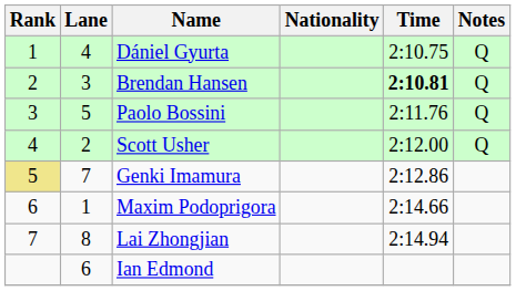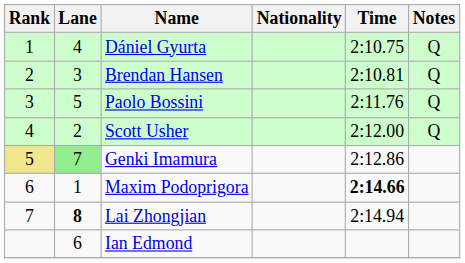 <table class="wikitable sortable" style="text-align:center">
 <tr>
 <th>Rank</th>
 <th>Lane</th>
 <th>Name</th>
 <th>Nationality</th>
 <th>Time</th>
 <th>Notes</th>
 </tr>
 <tr bgcolor=#ccffcc>
 <td>1</td>
 <td>4</td>
 <td align=left><a href='#'>Dániel Gyurta</a></td>
 <td align=left></td>
 <td>2:10.75</td>
 <td>Q</td>
 </tr>
 <tr bgcolor=#ccffcc>
 <td>2</td>
 <td>3</td>
 <td align=left><a href='#'>Brendan Hansen</a></td>
 <td align=left></td>
-<td><strong>2:10.81</strong></td>
+<td>2:10.81</td>
 <td>Q</td>
 </tr>
 <tr bgcolor=#ccffcc>
 <td>3</td>
 <td>5</td>
 <td align=left><a href='#'>Paolo Bossini</a></td>
 <td align=left></td>
 <td>2:11.76</td>
 <td>Q</td>
 </tr>
 <tr bgcolor=#ccffcc>
 <td>4</td>
 <td>2</td>
 <td align=left><a href='#'>Scott Usher</a></td>
 <td align=left></td>
 <td>2:12.00</td>
 <td>Q</td>
 </tr>
 <tr>
 <td style="background: khaki;">5</td>
-<td>7</td>
+<td style="background: lightgreen;">7</td>
 <td align=left><a href='#'>Genki Imamura</a></td>
 <td align=left></td>
 <td>2:12.86</td>
 <td></td>
 </tr>
 <tr>
 <td>6</td>
 <td>1</td>
 <td align=left><a href='#'>Maxim Podoprigora</a></td>
 <td align=left></td>
-<td>2:14.66</td>
+<td><strong>2:14.66</strong></td>
 <td></td>
 </tr>
 <tr>
 <td>7</td>
-<td>8</td>
+<td><strong>8</strong></td>
 <td align=left><a href='#'>Lai Zhongjian</a></td>
 <td align=left></td>
 <td>2:14.94</td>
 <td></td>
 </tr>
 <tr>
 <td></td>
 <td>6</td>
 <td align=left><a href='#'>Ian Edmond</a></td>
 <td align=left></td>
 <td></td>
 <td></td>
 </tr>
 <tr>
 </tr>
 </table>
